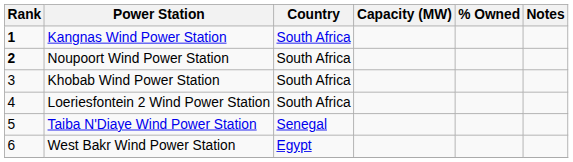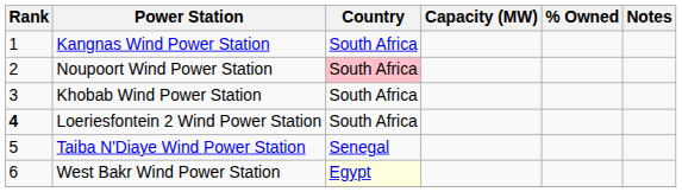 <table class="wikitable sortable" style="margin: 0.5em auto">
 <tr>
 <th>Rank</th>
 <th>Power Station</th>
 <th>Country</th>
 <th>Capacity (MW)</th>
 <th>% Owned</th>
 <th>Notes</th>
 </tr>
 <tr>
-<td><strong>1</strong></td>
+<td>1</td>
 <td><a href='#'>Kangnas Wind Power Station</a></td>
 <td><a href='#'>South Africa</a></td>
 <td></td>
 <td></td>
 <td></td>
 </tr>
 <tr>
-<td><strong>2</strong></td>
+<td>2</td>
 <td>Noupoort Wind Power Station</td>
-<td>South Africa</td>
+<td style="background: pink;">South Africa</td>
 <td></td>
 <td></td>
 <td></td>
 </tr>
 <tr>
 <td>3</td>
 <td>Khobab Wind Power Station</td>
 <td>South Africa</td>
 <td></td>
 <td></td>
 <td></td>
 </tr>
 <tr>
-<td>4</td>
+<td><strong>4</strong></td>
 <td>Loeriesfontein 2 Wind Power Station</td>
 <td>South Africa</td>
 <td></td>
 <td></td>
 <td></td>
 </tr>
 <tr>
 <td>5</td>
 <td><a href='#'>Taiba N'Diaye Wind Power Station</a></td>
 <td><a href='#'>Senegal</a></td>
 <td></td>
 <td></td>
 <td></td>
 </tr>
 <tr>
 <td>6</td>
 <td>West Bakr Wind Power Station</td>
-<td><a href='#'>Egypt</a></td>
+<td style="background: lightyellow;"><a href='#'>Egypt</a></td>
 <td></td>
 <td></td>
 <td></td>
 </tr>
 <tr>
 </tr>
 </table>
